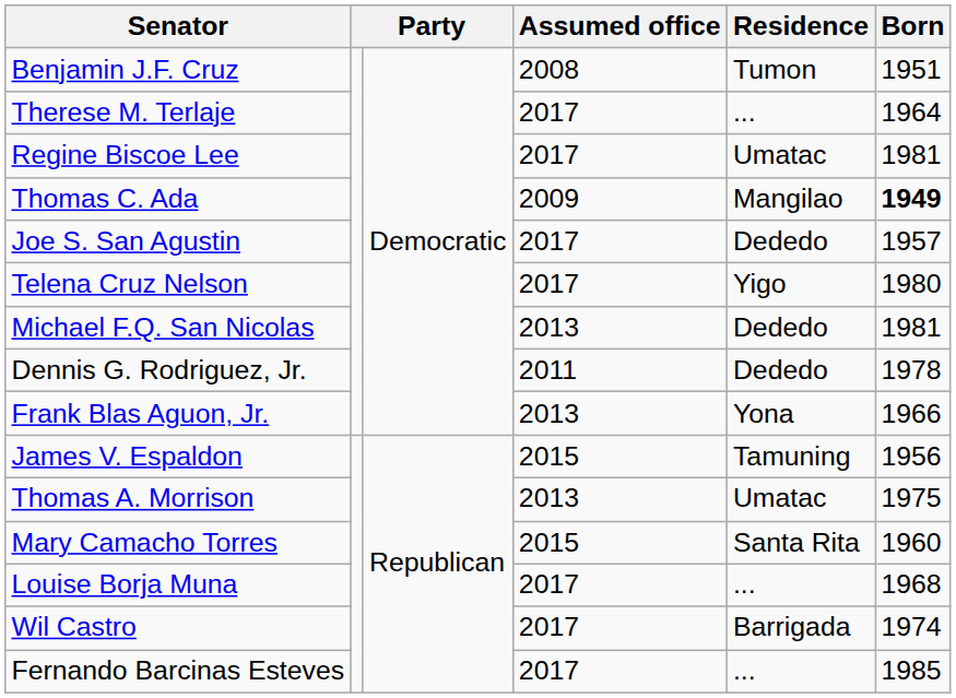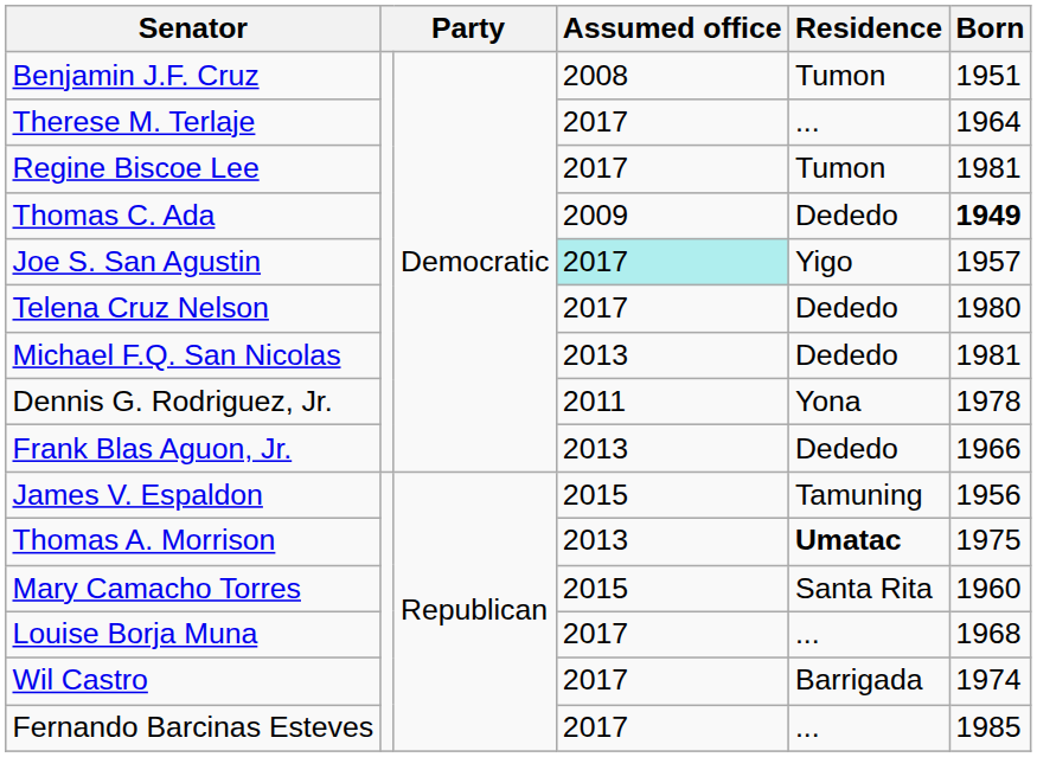 <table class="wikitable sortable" id="votingmembers">
 <tr style="vertical-align:bottom;">
 <th>Senator</th>
 <th colspan=2>Party</th>
 <th>Assumed office</th>
 <th>Residence</th>
 <th>Born</th>
 </tr>
 <tr>
 <td><a href='#'>Benjamin J.F. Cruz</a></td>
 <td rowspan="9" style="background-color:"></td>
 <td rowspan="9">Democratic</td>
 <td>2008</td>
 <td>Tumon</td>
 <td>1951</td>
 </tr>
 <tr>
 <td><a href='#'>Therese M. Terlaje</a></td>
 <td>2017</td>
 <td>...</td>
 <td>1964</td>
 </tr>
 <tr>
 <td><a href='#'>Regine Biscoe Lee</a></td>
 <td>2017</td>
-<td>Umatac</td>
+<td>Tumon</td>
 <td>1981</td>
 </tr>
 <tr>
 <td><a href='#'>Thomas C. Ada</a></td>
 <td>2009</td>
-<td>Mangilao</td>
+<td>Dededo</td>
 <td><strong>1949</strong></td>
 </tr>
 <tr>
 <td><a href='#'>Joe S. San Agustin</a></td>
-<td>2017</td>
-<td>Dededo</td>
+<td style="background: paleturquoise;">2017</td>
+<td>Yigo</td>
 <td>1957</td>
 </tr>
 <tr>
 <td><a href='#'>Telena Cruz Nelson</a></td>
 <td>2017</td>
-<td>Yigo</td>
+<td>Dededo</td>
 <td>1980</td>
 </tr>
 <tr>
 <td><a href='#'>Michael F.Q. San Nicolas</a></td>
 <td>2013</td>
 <td>Dededo</td>
 <td>1981</td>
 </tr>
 <tr>
 <td>Dennis G. Rodriguez, Jr.</td>
 <td>2011</td>
-<td>Dededo</td>
+<td>Yona</td>
 <td>1978</td>
 </tr>
 <tr>
 <td><a href='#'>Frank Blas Aguon, Jr.</a></td>
 <td>2013</td>
-<td>Yona</td>
+<td>Dededo</td>
 <td>1966</td>
 </tr>
 <tr>
 <td><a href='#'>James V. Espaldon</a></td>
 <td rowspan="6" style="background-color:"></td>
 <td rowspan="6">Republican</td>
 <td>2015</td>
 <td>Tamuning</td>
 <td>1956</td>
 </tr>
 <tr>
 <td><a href='#'>Thomas A. Morrison</a></td>
 <td>2013</td>
-<td>Umatac</td>
+<td><strong>Umatac</strong></td>
 <td>1975</td>
 </tr>
 <tr>
 <td><a href='#'>Mary Camacho Torres</a></td>
 <td>2015</td>
 <td>Santa Rita</td>
 <td>1960</td>
 </tr>
 <tr>
 <td><a href='#'>Louise Borja Muna</a></td>
 <td>2017</td>
 <td>...</td>
 <td>1968</td>
 </tr>
 <tr>
 <td><a href='#'>Wil Castro</a></td>
 <td>2017</td>
 <td>Barrigada</td>
 <td>1974</td>
 </tr>
 <tr>
 <td>Fernando Barcinas Esteves</td>
 <td>2017</td>
 <td>...</td>
 <td>1985</td>
 </tr>
 </table>
